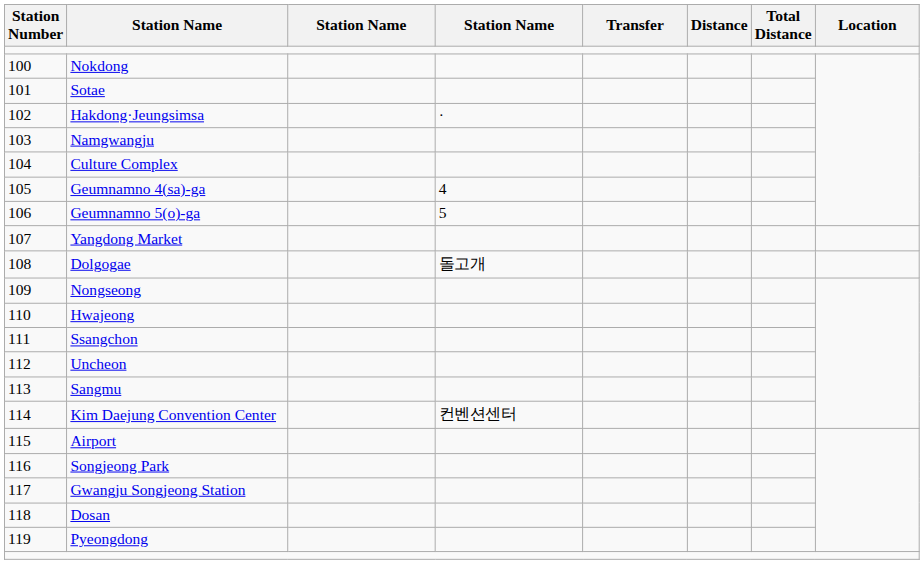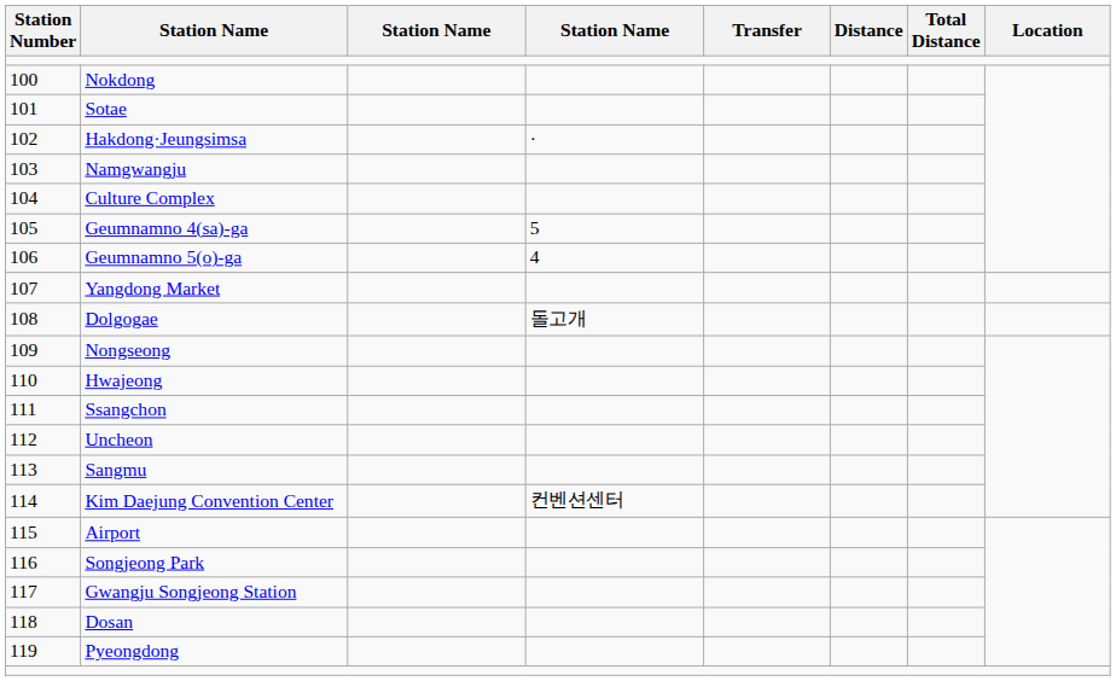 <table class="wikitable">
 <tr>
 <th>Station<br>Number</th>
 <th width="220pt">Station Name<br></th>
 <th width="145pt">Station Name<br></th>
 <th width="145pt">Station Name<br></th>
 <th width="100pt">Transfer</th>
 <th>Distance<br></th>
 <th>Total<br>Distance</th>
 <th>Location</th>
 </tr>
 <tr style="background:#">
 <td colspan="10"></td>
 </tr>
 <tr>
 <td>100</td>
 <td><a href='#'>Nokdong</a></td>
 <td></td>
 <td></td>
 <td></td>
 <td></td>
 <td></td>
 <td rowspan="7" width="100pt"></td>
 </tr>
 <tr>
 <td>101</td>
 <td><a href='#'>Sotae</a></td>
 <td></td>
 <td></td>
 <td></td>
 <td></td>
 <td></td>
 </tr>
 <tr>
 <td>102</td>
 <td><a href='#'>Hakdong·Jeungsimsa</a></td>
 <td></td>
 <td>·</td>
 <td></td>
 <td></td>
 <td></td>
 </tr>
 <tr>
 <td>103</td>
 <td><a href='#'>Namgwangju</a></td>
 <td></td>
 <td></td>
 <td></td>
 <td></td>
 <td></td>
 </tr>
 <tr>
 <td>104</td>
 <td><a href='#'>Culture Complex</a></td>
 <td></td>
 <td></td>
 <td></td>
 <td></td>
 <td></td>
 </tr>
 <tr>
 <td>105</td>
 <td><a href='#'>Geumnamno 4(sa)-ga</a></td>
 <td></td>
-<td>4</td>
+<td>5</td>
 <td></td>
 <td></td>
 <td></td>
 </tr>
 <tr>
 <td>106</td>
 <td><a href='#'>Geumnamno 5(o)-ga</a></td>
 <td></td>
-<td>5</td>
+<td>4</td>
 <td></td>
 <td></td>
 <td></td>
 </tr>
 <tr>
 <td>107</td>
 <td><a href='#'>Yangdong Market</a></td>
 <td></td>
 <td></td>
 <td></td>
 <td></td>
 <td></td>
 <td rowspan="1" width="100pt"></td>
 </tr>
 <tr>
 <td>108</td>
 <td><a href='#'>Dolgogae</a></td>
 <td></td>
 <td>돌고개</td>
 <td></td>
 <td></td>
 <td></td>
 <td rowspan="1" width="100pt"></td>
 </tr>
 <tr>
 <td>109</td>
 <td><a href='#'>Nongseong</a></td>
 <td></td>
 <td></td>
 <td></td>
 <td></td>
 <td></td>
 <td rowspan="6" width="100pt"></td>
 </tr>
 <tr>
 <td>110</td>
 <td><a href='#'>Hwajeong</a></td>
 <td></td>
 <td></td>
 <td></td>
 <td></td>
 <td></td>
 </tr>
 <tr>
 <td>111</td>
 <td><a href='#'>Ssangchon</a></td>
 <td></td>
 <td></td>
 <td></td>
 <td></td>
 <td></td>
 </tr>
 <tr>
 <td>112</td>
 <td><a href='#'>Uncheon</a></td>
 <td></td>
 <td></td>
 <td></td>
 <td></td>
 <td></td>
 </tr>
 <tr>
 <td>113</td>
 <td><a href='#'>Sangmu</a></td>
 <td></td>
 <td></td>
 <td></td>
 <td></td>
 <td></td>
 </tr>
 <tr>
 <td>114</td>
 <td><a href='#'>Kim Daejung Convention Center</a></td>
 <td></td>
 <td>컨벤션센터</td>
 <td></td>
 <td></td>
 <td></td>
 </tr>
 <tr>
 <td>115</td>
 <td><a href='#'>Airport</a></td>
 <td></td>
 <td></td>
 <td></td>
 <td></td>
 <td></td>
 <td rowspan="5" width="100pt"></td>
 </tr>
 <tr>
 <td>116</td>
 <td><a href='#'>Songjeong Park</a></td>
 <td></td>
 <td></td>
 <td></td>
 <td></td>
 <td></td>
 </tr>
 <tr>
 <td>117</td>
 <td><a href='#'>Gwangju Songjeong Station</a></td>
 <td></td>
 <td></td>
 <td><br>   </td>
 <td></td>
 <td></td>
 </tr>
 <tr>
 <td>118</td>
 <td><a href='#'>Dosan</a></td>
 <td></td>
 <td></td>
 <td></td>
 <td></td>
 <td></td>
 </tr>
 <tr>
 <td>119</td>
 <td><a href='#'>Pyeongdong</a></td>
 <td></td>
 <td></td>
 <td></td>
 <td></td>
 <td></td>
 </tr>
 <tr style="background:#">
 <td colspan="10"></td>
 </tr>
 </table>
